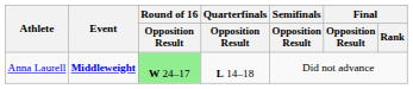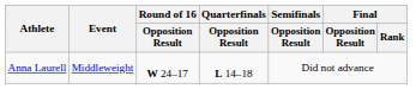 <table class="wikitable" style="font-size:90%">
 <tr>
 <th rowspan="2">Athlete</th>
 <th rowspan="2">Event</th>
 <th>Round of 16</th>
 <th>Quarterfinals</th>
 <th>Semifinals</th>
 <th colspan=2>Final</th>
 </tr>
 <tr style="font-size:95%">
 <th>Opposition<br>Result</th>
 <th>Opposition<br>Result</th>
 <th>Opposition<br>Result</th>
 <th>Opposition<br>Result</th>
 <th>Rank</th>
 </tr>
 <tr align=center>
 <td align=left><a href='#'>Anna Laurell</a></td>
-<td align=left><strong><a href='#'>Middleweight</a></strong></td>
-<td style="background: lightgreen;"><br><strong>W</strong> 24–17</td>
+<td align=left><a href='#'>Middleweight</a></td>
+<td><br><strong>W</strong> 24–17</td>
 <td><br><strong>L</strong> 14–18</td>
 <td colspan=3>Did not advance</td>
 </tr>
 </table>
